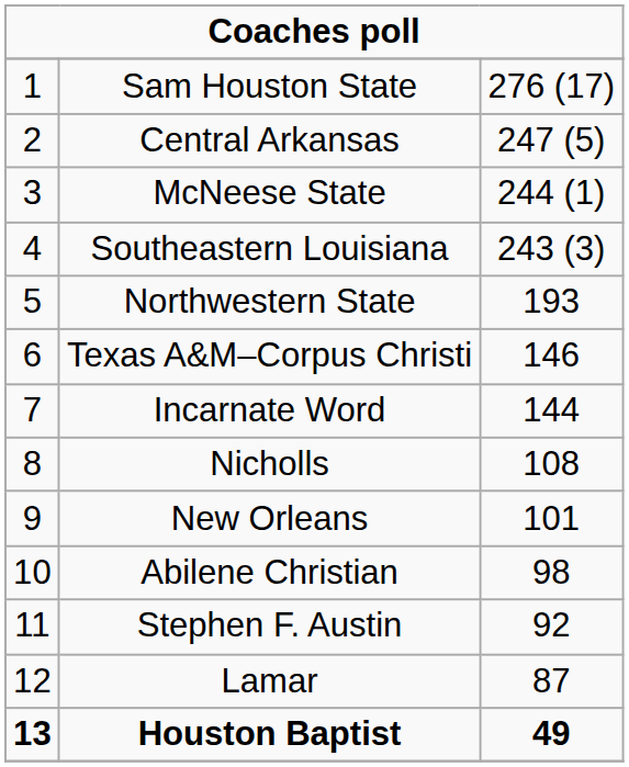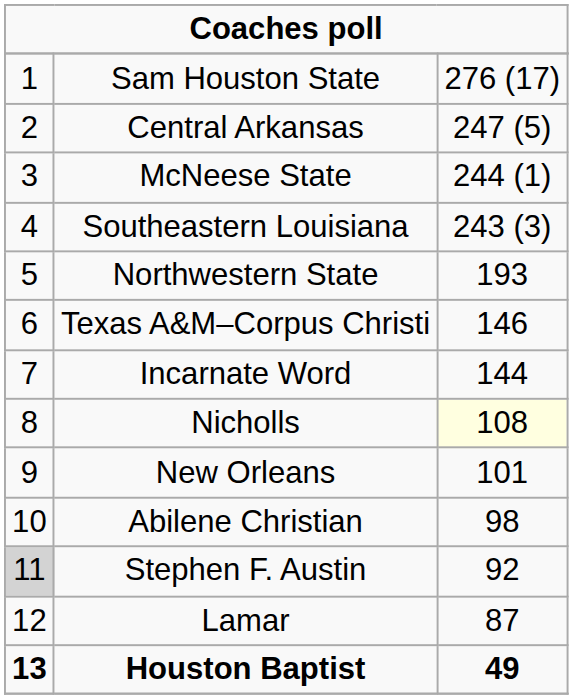 <table class="wikitable">
 <tr align="center">
 <td align="center" Colspan="3"><strong>Coaches poll</strong></td>
 </tr>
 <tr align="center">
 </tr>
 <tr align="center">
 <td>1</td>
 <td>Sam Houston State</td>
 <td>276 (17)</td>
 </tr>
 <tr align="center">
 <td>2</td>
 <td>Central Arkansas</td>
 <td>247 (5)</td>
 </tr>
 <tr align="center">
 <td>3</td>
 <td>McNeese State</td>
 <td>244 (1)</td>
 </tr>
 <tr align="center">
 <td>4</td>
 <td>Southeastern Louisiana</td>
 <td>243 (3)</td>
 </tr>
 <tr align="center">
 <td>5</td>
 <td>Northwestern State</td>
 <td>193</td>
 </tr>
 <tr align="center">
 <td>6</td>
 <td>Texas A&M–Corpus Christi</td>
 <td>146</td>
 </tr>
 <tr align="center">
 <td>7</td>
 <td>Incarnate Word</td>
 <td>144</td>
 </tr>
 <tr align="center">
 <td>8</td>
 <td>Nicholls</td>
-<td>108</td>
+<td style="background: lightyellow;">108</td>
 </tr>
 <tr align="center">
 <td>9</td>
 <td>New Orleans</td>
 <td>101</td>
 </tr>
 <tr align="center">
 <td>10</td>
 <td>Abilene Christian</td>
 <td>98</td>
 </tr>
 <tr align="center">
-<td>11</td>
+<td style="background: lightgrey;">11</td>
 <td>Stephen F. Austin</td>
 <td>92</td>
 </tr>
 <tr align="center">
 <td>12</td>
 <td>Lamar</td>
 <td>87</td>
 </tr>
 <tr align="center">
 <td><strong>13</strong></td>
 <td><strong>Houston Baptist</strong></td>
 <td><strong>49</strong></td>
 </tr>
 <tr align="center">
 </tr>
 </table>
